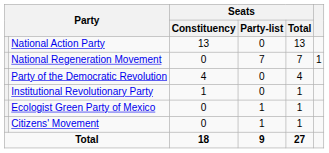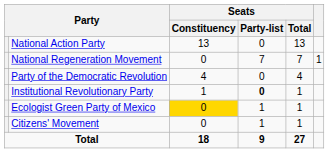 <table class="wikitable" style="text-align:center;">
 <tr>
 <th colspan="2" rowspan="2">Party</th>
 <th colspan="3">Seats</th>
 <th rowspan="2"></th>
 </tr>
 <tr>
 <th style="width:3em"><strong>Constituency</strong></th>
 <th>Party-list</th>
 <th>Total</th>
 </tr>
 <tr>
 <th style="background-color:"></th>
 <td style="text-align:left;"><a href='#'>National Action Party</a></td>
 <td>13</td>
 <td>0</td>
 <td>13</td>
 <td></td>
 </tr>
 <tr>
 <th style="background-color:"></th>
 <td style="text-align:left;"><a href='#'>National Regeneration Movement</a></td>
 <td>0</td>
 <td>7</td>
 <td>7</td>
 <td> 1</td>
 </tr>
 <tr>
 <th style="background-color:"></th>
 <td style="text-align:left;"><a href='#'>Party of the Democratic Revolution</a></td>
 <td>4</td>
 <td>0</td>
 <td>4</td>
 <td></td>
 </tr>
 <tr>
 <th style="background-color:"></th>
 <td style="text-align:left;"><a href='#'>Institutional Revolutionary Party</a></td>
 <td>1</td>
-<td>0</td>
+<td><strong>0</strong></td>
 <td>1</td>
 <td></td>
 </tr>
 <tr>
 <th style="background-color:"></th>
 <td style="text-align:left;"><a href='#'>Ecologist Green Party of Mexico</a></td>
-<td>0</td>
+<td style="background: gold;">0</td>
 <td>1</td>
 <td>1</td>
 <td></td>
 </tr>
 <tr>
 <th style="background-color:"></th>
 <td style="text-align:left;"><a href='#'>Citizens' Movement</a></td>
 <td>0</td>
 <td>1</td>
 <td>1</td>
 <td></td>
 </tr>
 <tr>
 <td colspan="2"><strong>Total</strong></td>
 <td><strong>18</strong></td>
 <td><strong>9</strong></td>
 <td><strong>27</strong></td>
 <td></td>
 </tr>
 </table>
